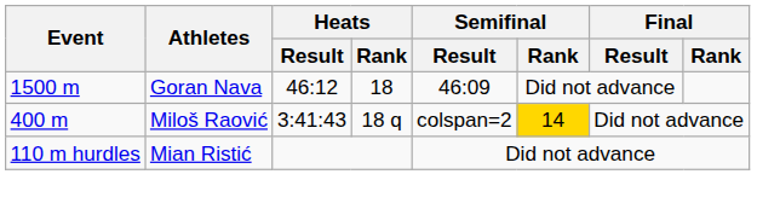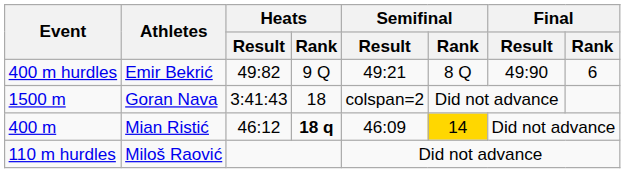 <table class="wikitable" border="1" style="font-size:90%">
 <tr>
 <th rowspan=2>Event</th>
 <th rowspan=2>Athletes</th>
 <th colspan=2>Heats</th>
 <th colspan=2>Semifinal</th>
 <th colspan=2>Final</th>
 </tr>
 <tr>
 <th>Result</th>
 <th>Rank</th>
 <th>Result</th>
 <th>Rank</th>
 <th>Result</th>
 <th>Rank</th>
 </tr>
 <tr>
+<td><a href='#'>400 m hurdles</a></td>
+<td><a href='#'>Emir Bekrić</a></td>
+<td align=center>49:82</td>
+<td align=center>9 Q</td>
+<td align=center>49:21</td>
+<td align=center>8 Q</td>
+<td align=center>49:90</td>
+<td align=center>6</td>
+</tr>
+<tr>
 <td><a href='#'>1500 m</a></td>
 <td><a href='#'>Goran Nava</a></td>
-<td align=center>46:12</td>
+<td align=center>3:41:43</td>
 <td align=center>18</td>
-<td align=center>46:09</td>
+<td>colspan=2 </td>
 <td colspan=2 align=center>Did not advance</td>
 </tr>
 <tr>
 <td><a href='#'>400 m</a></td>
-<td><a href='#'>Miloš Raović</a></td>
-<td align=center>3:41:43</td>
-<td align=center>18 q</td>
-<td>colspan=2 </td>
+<td><a href='#'>Mian Ristić</a></td>
+<td align=center>46:12</td>
+<td align=center><strong>18 q</strong></td>
+<td align=center>46:09</td>
 <td align=center style="background: gold;">14</td>
 <td colspan=2 align=center>Did not advance</td>
 </tr>
 <tr>
 <td><a href='#'>110 m hurdles</a></td>
-<td><a href='#'>Mian Ristić</a></td>
+<td><a href='#'>Miloš Raović</a></td>
 <td colspan=2 align=center></td>
 <td colspan=4 align=center>Did not advance</td>
 </tr>
 </table>
